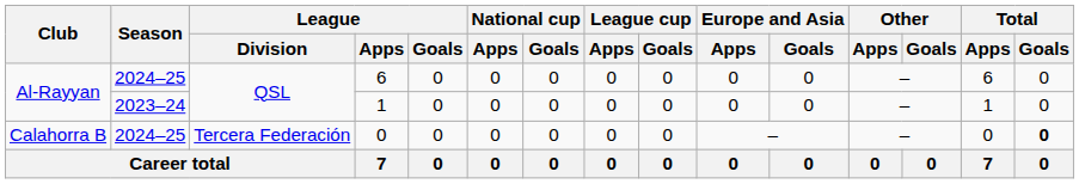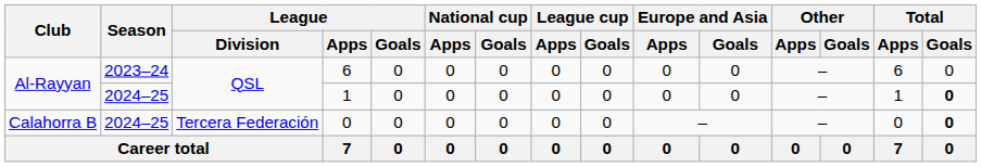 <table class="wikitable" style="text-align:center;">
 <tr>
 <th rowspan="2">Club</th>
 <th rowspan="2">Season</th>
 <th colspan="3">League</th>
 <th colspan="2">National cup</th>
 <th colspan="2">League cup</th>
 <th colspan="2">Europe and Asia</th>
 <th colspan="2">Other</th>
 <th colspan="2">Total</th>
 </tr>
 <tr>
 <th>Division</th>
 <th>Apps</th>
 <th>Goals</th>
 <th>Apps</th>
 <th>Goals</th>
 <th>Apps</th>
 <th>Goals</th>
 <th>Apps</th>
 <th>Goals</th>
 <th>Apps</th>
 <th>Goals</th>
 <th>Apps</th>
 <th>Goals</th>
 </tr>
 <tr>
 <td rowspan="2"><a href='#'>Al-Rayyan</a></td>
-<td><a href='#'>2024–25</a></td>
+<td><a href='#'>2023–24</a></td>
 <td rowspan="2" valign="center"><a href='#'>QSL</a></td>
 <td>6</td>
 <td>0</td>
 <td>0</td>
 <td>0</td>
 <td>0</td>
 <td>0</td>
 <td>0</td>
 <td>0</td>
 <td colspan="2">–</td>
 <td>6</td>
 <td>0</td>
 </tr>
 <tr>
-<td><a href='#'>2023–24</a></td>
+<td><a href='#'>2024–25</a></td>
 <td>1</td>
 <td>0</td>
 <td>0</td>
 <td>0</td>
 <td>0</td>
 <td>0</td>
 <td>0</td>
 <td>0</td>
 <td colspan="2">–</td>
 <td>1</td>
-<td>0</td>
+<td><strong>0</strong></td>
 </tr>
 <tr>
 <td><a href='#'>Calahorra B</a></td>
 <td><a href='#'>2024–25</a></td>
 <td><a href='#'>Tercera Federación</a></td>
 <td>0</td>
 <td>0</td>
 <td>0</td>
 <td>0</td>
 <td>0</td>
 <td>0</td>
 <td colspan="2">–</td>
 <td colspan="2">–</td>
 <td>0</td>
 <td><strong>0</strong></td>
 </tr>
 <tr>
 <th colspan="3">Career total</th>
 <th>7</th>
 <th>0</th>
 <th>0</th>
 <th>0</th>
 <th>0</th>
 <th>0</th>
 <th>0</th>
 <th>0</th>
 <th>0</th>
 <th>0</th>
 <th>7</th>
 <th>0</th>
 </tr>
 </table>
